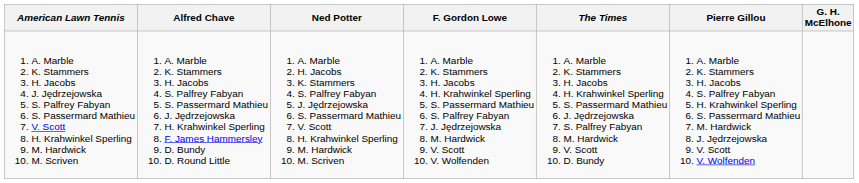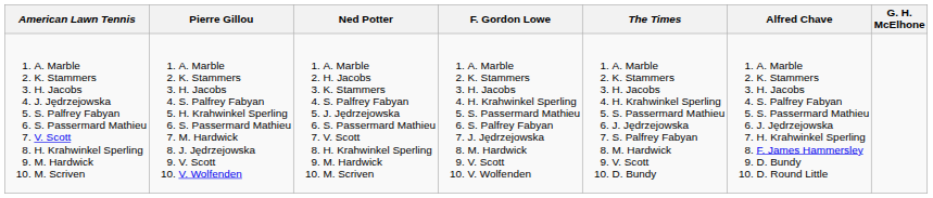 <table class="wikitable">
 <tr>
 <th><em>American Lawn Tennis</em></th>
-<th>Alfred Chave</th>
+<th>Pierre Gillou</th>
 <th>Ned Potter</th>
 <th>F. Gordon Lowe</th>
 <th><em>The Times</em></th>
-<th>Pierre Gillou</th>
+<th>Alfred Chave</th>
 <th>G. H. McElhone</th>
 </tr>
 <tr style="vertical-align: top;">
 <td style="white-space: nowrap;"><br><ol><li> A. Marble</li><li> K. Stammers</li><li> H. Jacobs</li><li> J. Jędrzejowska</li><li> S. Palfrey Fabyan</li><li> S. Passermard Mathieu</li><li> <a href='#'>V. Scott</a></li><li> H. Krahwinkel Sperling</li><li> M. Hardwick</li><li> M. Scriven</li></ol></td>
-<td style="white-space: nowrap;"><br><ol><li> A. Marble</li><li> K. Stammers</li><li> H. Jacobs</li><li> S. Palfrey Fabyan</li><li> S. Passermard Mathieu</li><li> J. Jędrzejowska</li><li> H. Krahwinkel Sperling</li><li> <a href='#'>F. James Hammersley</a></li><li> D. Bundy</li><li> D. Round Little</li></ol></td>
+<td style="white-space: nowrap;"><br><ol><li> A. Marble</li><li> K. Stammers</li><li> H. Jacobs</li><li> S. Palfrey Fabyan</li><li> H. Krahwinkel Sperling</li><li> S. Passermard Mathieu</li><li> M. Hardwick</li><li> J. Jędrzejowska</li><li> V. Scott</li><li> <a href='#'>V. Wolfenden</a></li></ol></td>
 <td style="white-space: nowrap;"><br><ol><li> A. Marble</li><li> H. Jacobs</li><li> K. Stammers</li><li> S. Palfrey Fabyan</li><li> J. Jędrzejowska</li><li> S. Passermard Mathieu</li><li> V. Scott</li><li> H. Krahwinkel Sperling</li><li> M. Hardwick</li><li> M. Scriven</li></ol></td>
 <td style="white-space: nowrap;"><br><ol><li> A. Marble</li><li> K. Stammers</li><li> H. Jacobs</li><li> H. Krahwinkel Sperling</li><li> S. Passermard Mathieu</li><li> S. Palfrey Fabyan</li><li> J. Jędrzejowska</li><li> M. Hardwick</li><li> V. Scott</li><li> V. Wolfenden</li></ol></td>
 <td style="white-space: nowrap;"><br><ol><li> A. Marble</li><li> K. Stammers</li><li> H. Jacobs</li><li> H. Krahwinkel Sperling</li><li> S. Passermard Mathieu</li><li> J. Jędrzejowska</li><li> S. Palfrey Fabyan</li><li> M. Hardwick</li><li> V. Scott</li><li> D. Bundy</li></ol></td>
-<td style="white-space: nowrap;"><br><ol><li> A. Marble</li><li> K. Stammers</li><li> H. Jacobs</li><li> S. Palfrey Fabyan</li><li> H. Krahwinkel Sperling</li><li> S. Passermard Mathieu</li><li> M. Hardwick</li><li> J. Jędrzejowska</li><li> V. Scott</li><li> <a href='#'>V. Wolfenden</a></li></ol></td>
+<td style="white-space: nowrap;"><br><ol><li> A. Marble</li><li> K. Stammers</li><li> H. Jacobs</li><li> S. Palfrey Fabyan</li><li> S. Passermard Mathieu</li><li> J. Jędrzejowska</li><li> H. Krahwinkel Sperling</li><li> <a href='#'>F. James Hammersley</a></li><li> D. Bundy</li><li> D. Round Little</li></ol></td>
 <td style="white-space: nowrap;"><br></td>
 </tr>
 </table>
